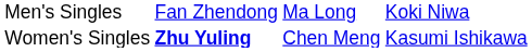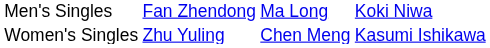 <table>
 <tr>
 <td>Men's Singles <br></td>
 <td> <a href='#'>Fan Zhendong</a></td>
 <td> <a href='#'>Ma Long</a></td>
 <td> <a href='#'>Koki Niwa</a></td>
 </tr>
 <tr>
 <td>Women's Singles <br></td>
-<td><strong> <a href='#'>Zhu Yuling</a></strong></td>
+<td> <a href='#'>Zhu Yuling</a></td>
 <td> <a href='#'>Chen Meng</a></td>
 <td> <a href='#'>Kasumi Ishikawa</a></td>
 </tr>
 <tr>
 </tr>
 </table>
